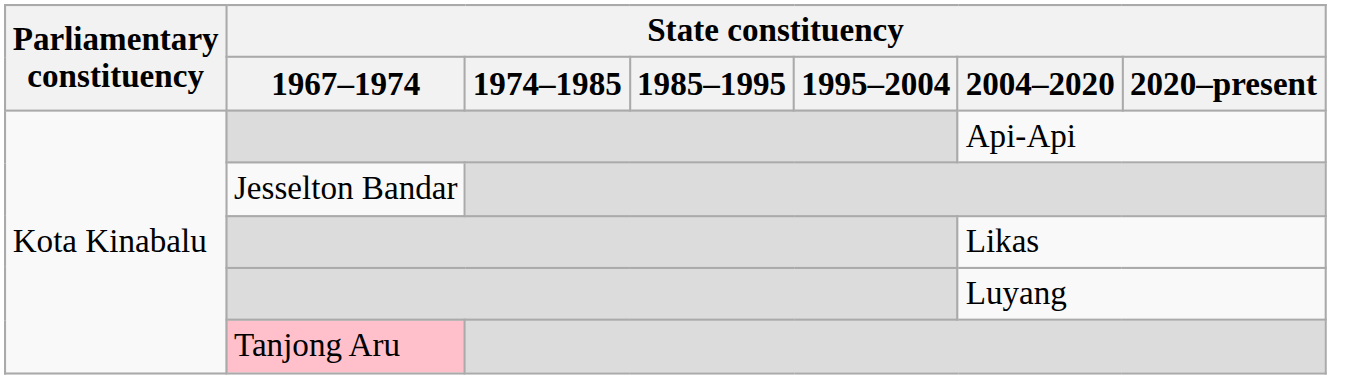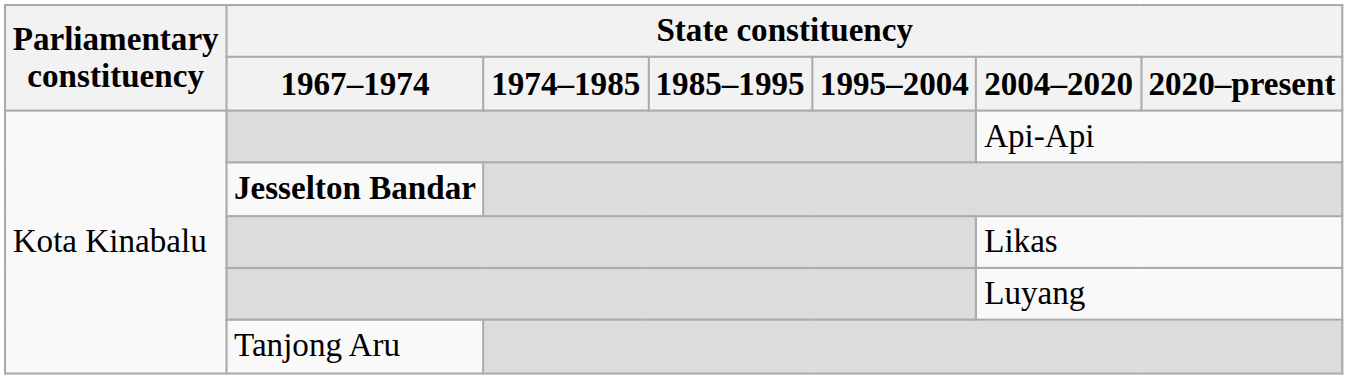 <table class=wikitable>
 <tr>
 <th rowspan=2>Parliamentary<br>constituency</th>
 <th colspan=6>State constituency</th>
 </tr>
 <tr>
 <th>1967–1974</th>
 <th>1974–1985</th>
 <th>1985–1995</th>
 <th>1995–2004</th>
 <th>2004–2020</th>
 <th>2020–present</th>
 </tr>
 <tr>
 <td rowspan=5>Kota Kinabalu</td>
 <td colspan=4 bgcolor=dcdcdc></td>
 <td colspan=2>Api-Api</td>
 </tr>
 <tr>
-<td>Jesselton Bandar</td>
+<td><strong>Jesselton Bandar</strong></td>
 <td colspan=5 bgcolor=dcdcdc></td>
 </tr>
 <tr>
 <td colspan=4 bgcolor=dcdcdc></td>
 <td colspan=2>Likas</td>
 </tr>
 <tr>
 <td colspan=4 bgcolor=dcdcdc></td>
 <td colspan=2>Luyang</td>
 </tr>
 <tr>
-<td style="background: pink;">Tanjong Aru</td>
+<td>Tanjong Aru</td>
 <td colspan=5 bgcolor=dcdcdc></td>
 </tr>
 </table>
